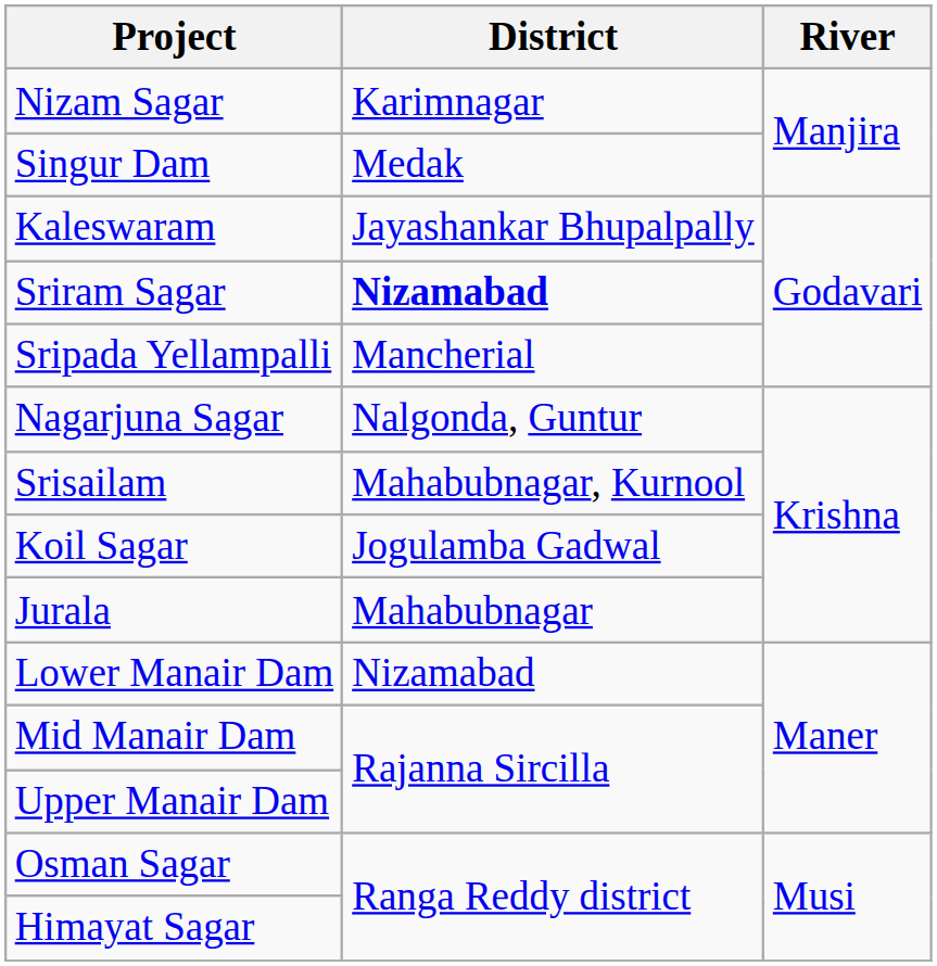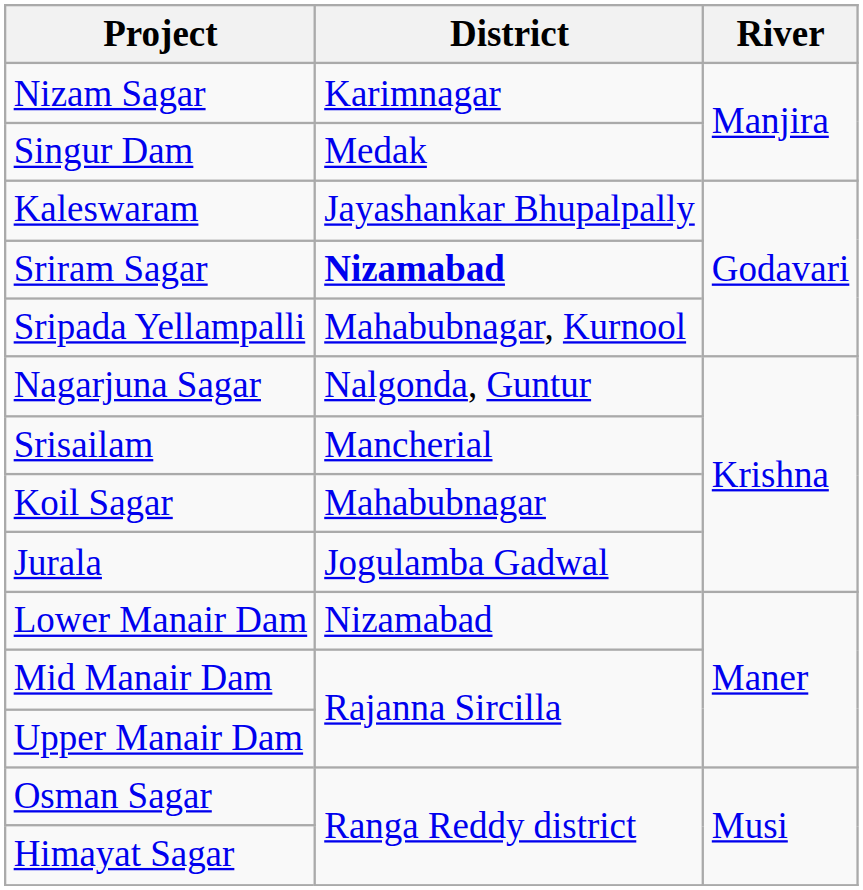 <table class="wikitable sortable">
 <tr>
 <th>Project</th>
 <th>District</th>
 <th>River</th>
 </tr>
 <tr>
 <td><a href='#'>Nizam Sagar</a></td>
 <td><a href='#'>Karimnagar</a></td>
 <td rowspan="2"><a href='#'>Manjira</a></td>
 </tr>
 <tr>
 <td><a href='#'>Singur Dam</a></td>
 <td><a href='#'>Medak</a></td>
 </tr>
 <tr>
 <td><a href='#'>Kaleswaram</a></td>
 <td><a href='#'>Jayashankar Bhupalpally</a></td>
 <td rowspan="3"><a href='#'>Godavari</a></td>
 </tr>
 <tr>
 <td><a href='#'>Sriram Sagar</a></td>
 <td rowspan="1"><strong><a href='#'>Nizamabad</a></strong></td>
 </tr>
 <tr>
 <td><a href='#'>Sripada Yellampalli</a></td>
-<td><a href='#'>Mancherial</a></td>
+<td><a href='#'>Mahabubnagar</a>, <a href='#'>Kurnool</a></td>
 </tr>
 <tr>
 <td><a href='#'>Nagarjuna Sagar</a></td>
 <td><a href='#'>Nalgonda</a>, <a href='#'>Guntur</a></td>
 <td rowspan="4"><a href='#'>Krishna</a></td>
 </tr>
 <tr>
 <td><a href='#'>Srisailam</a></td>
-<td><a href='#'>Mahabubnagar</a>, <a href='#'>Kurnool</a></td>
+<td><a href='#'>Mancherial</a></td>
 </tr>
 <tr>
 <td><a href='#'>Koil Sagar</a></td>
-<td><a href='#'>Jogulamba Gadwal</a></td>
+<td><a href='#'>Mahabubnagar</a></td>
 </tr>
 <tr>
 <td><a href='#'>Jurala</a></td>
-<td><a href='#'>Mahabubnagar</a></td>
+<td><a href='#'>Jogulamba Gadwal</a></td>
 </tr>
 <tr>
 <td><a href='#'>Lower Manair Dam</a></td>
 <td><a href='#'>Nizamabad</a></td>
 <td rowspan="3"><a href='#'>Maner</a></td>
 </tr>
 <tr>
 <td><a href='#'>Mid Manair Dam</a></td>
 <td rowspan="2"><a href='#'>Rajanna Sircilla</a></td>
 </tr>
 <tr>
 <td><a href='#'>Upper Manair Dam</a></td>
 </tr>
 <tr>
 <td><a href='#'>Osman Sagar</a></td>
 <td rowspan="2"><a href='#'>Ranga Reddy district</a></td>
 <td rowspan="2"><a href='#'>Musi</a></td>
 </tr>
 <tr>
 <td><a href='#'>Himayat Sagar</a></td>
 </tr>
 </table>
